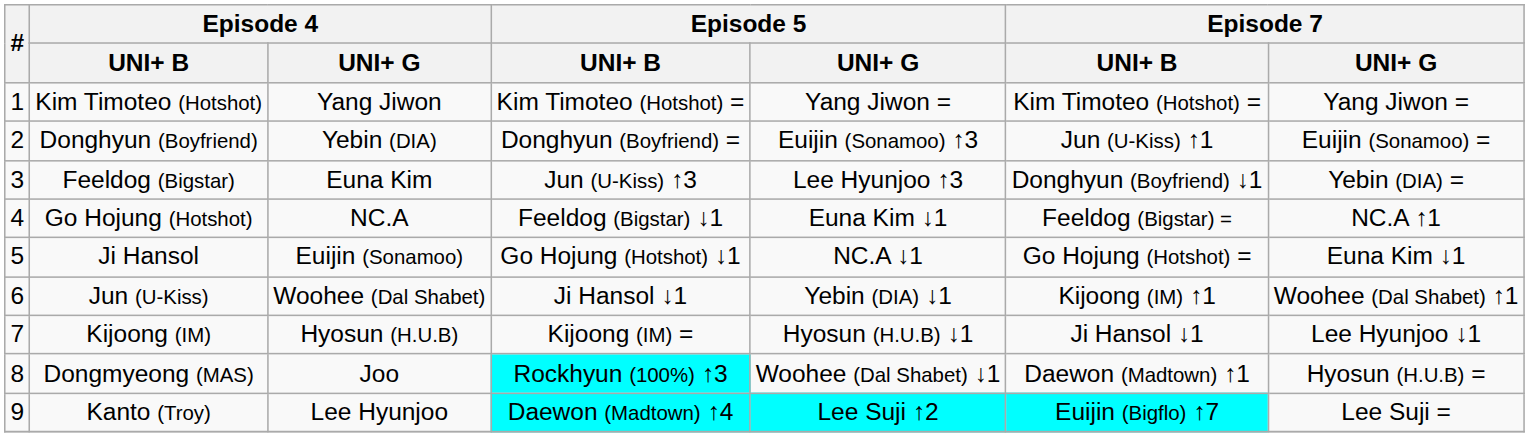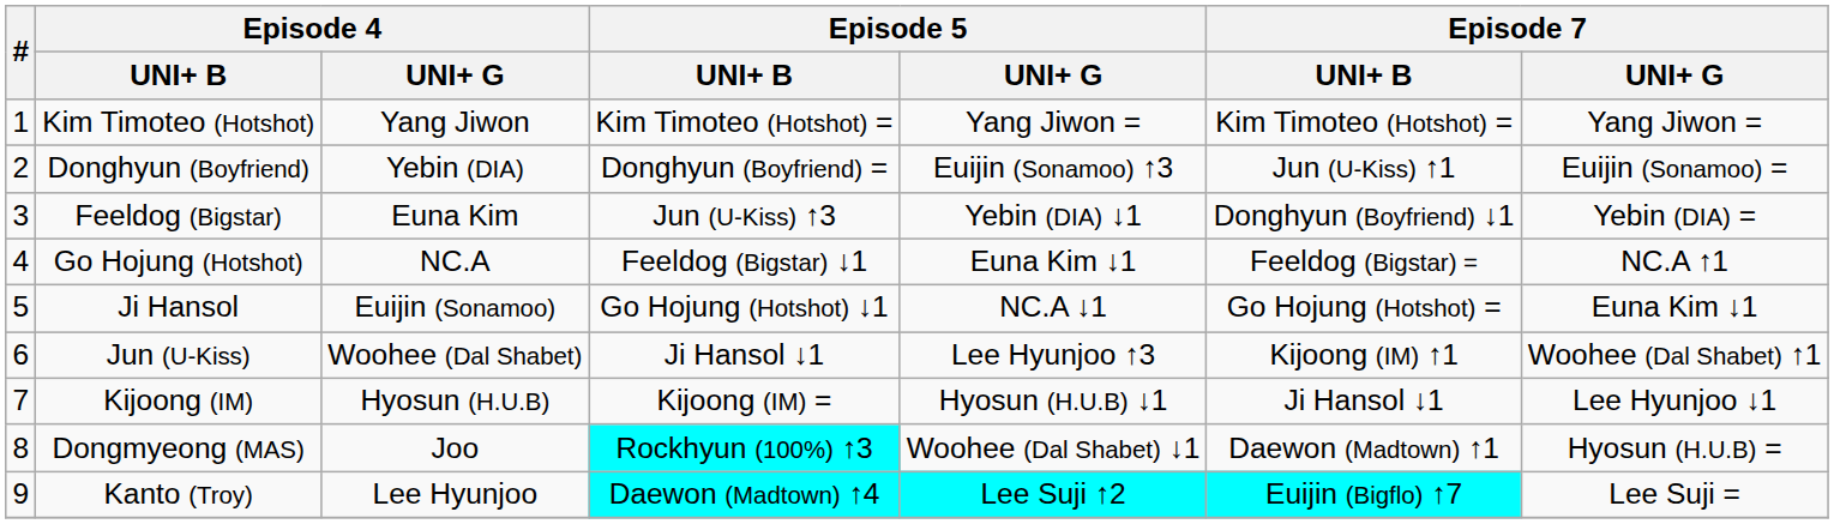 <table class="wikitable sortable" style="text-align:center;">
 <tr>
 <th rowspan="2">#</th>
 <th colspan="2">Episode 4</th>
 <th colspan="2">Episode 5</th>
 <th colspan="2">Episode 7</th>
 </tr>
 <tr>
 <th>UNI+ B</th>
 <th>UNI+ G</th>
 <th>UNI+ B</th>
 <th>UNI+ G</th>
 <th>UNI+ B</th>
 <th>UNI+ G</th>
 </tr>
 <tr>
 <td>1</td>
 <td>Kim Timoteo <small>(Hotshot)</small></td>
 <td>Yang Jiwon</td>
 <td>Kim Timoteo <small>(Hotshot)</small> =</td>
 <td>Yang Jiwon =</td>
 <td>Kim Timoteo <small>(Hotshot)</small> =</td>
 <td>Yang Jiwon =</td>
 </tr>
 <tr>
 <td>2</td>
 <td>Donghyun <small>(Boyfriend)</small></td>
 <td>Yebin <small>(DIA)</small></td>
 <td>Donghyun <small>(Boyfriend)</small> =</td>
 <td>Euijin <small>(Sonamoo)</small> ↑3</td>
 <td>Jun <small>(U-Kiss)</small> ↑1</td>
 <td>Euijin <small>(Sonamoo)</small> =</td>
 </tr>
 <tr>
 <td>3</td>
 <td>Feeldog <small>(Bigstar)</small></td>
 <td>Euna Kim</td>
 <td>Jun <small>(U-Kiss)</small> ↑3</td>
-<td>Lee Hyunjoo ↑3</td>
+<td>Yebin <small>(DIA)</small> ↓1</td>
 <td>Donghyun <small>(Boyfriend)</small> ↓1</td>
 <td>Yebin <small>(DIA)</small> =</td>
 </tr>
 <tr>
 <td>4</td>
 <td>Go Hojung <small>(Hotshot)</small></td>
 <td>NC.A</td>
 <td>Feeldog <small>(Bigstar)</small> ↓1</td>
 <td>Euna Kim ↓1</td>
 <td>Feeldog <small>(Bigstar) =</small></td>
 <td>NC.A ↑1</td>
 </tr>
 <tr>
 <td>5</td>
 <td>Ji Hansol</td>
 <td>Euijin <small>(Sonamoo)</small></td>
 <td>Go Hojung <small>(Hotshot)</small> ↓1</td>
 <td>NC.A ↓1</td>
 <td>Go Hojung <small>(Hotshot)</small> =</td>
 <td>Euna Kim ↓1</td>
 </tr>
 <tr>
 <td>6</td>
 <td>Jun <small>(U-Kiss)</small></td>
 <td>Woohee <small>(Dal Shabet)</small></td>
 <td>Ji Hansol ↓1</td>
-<td>Yebin <small>(DIA)</small> ↓1</td>
+<td>Lee Hyunjoo ↑3</td>
 <td>Kijoong <small>(IM)</small> ↑1</td>
 <td>Woohee <small>(Dal Shabet)</small> ↑1</td>
 </tr>
 <tr>
 <td>7</td>
 <td>Kijoong <small>(IM)</small></td>
 <td>Hyosun <small>(H.U.B)</small></td>
 <td>Kijoong <small>(IM)</small> =</td>
 <td>Hyosun <small>(H.U.B)</small> ↓1</td>
 <td>Ji Hansol ↓1</td>
 <td>Lee Hyunjoo ↓1</td>
 </tr>
 <tr>
 <td>8</td>
 <td>Dongmyeong <small>(MAS)</small></td>
 <td>Joo</td>
 <td style="background:aqua">Rockhyun <small>(100%)</small> ↑3</td>
 <td>Woohee <small>(Dal Shabet)</small> ↓1</td>
 <td>Daewon <small>(Madtown)</small> ↑1</td>
 <td>Hyosun <small>(H.U.B)</small> =</td>
 </tr>
 <tr>
 <td>9</td>
 <td>Kanto <small>(Troy)</small></td>
 <td>Lee Hyunjoo</td>
 <td style="background:aqua">Daewon <small>(Madtown)</small> ↑4</td>
 <td style="background:aqua">Lee Suji ↑2</td>
 <td style="background:aqua">Euijin <small>(Bigflo)</small> ↑7</td>
 <td>Lee Suji =</td>
 </tr>
 <tr>
 </tr>
 </table>
